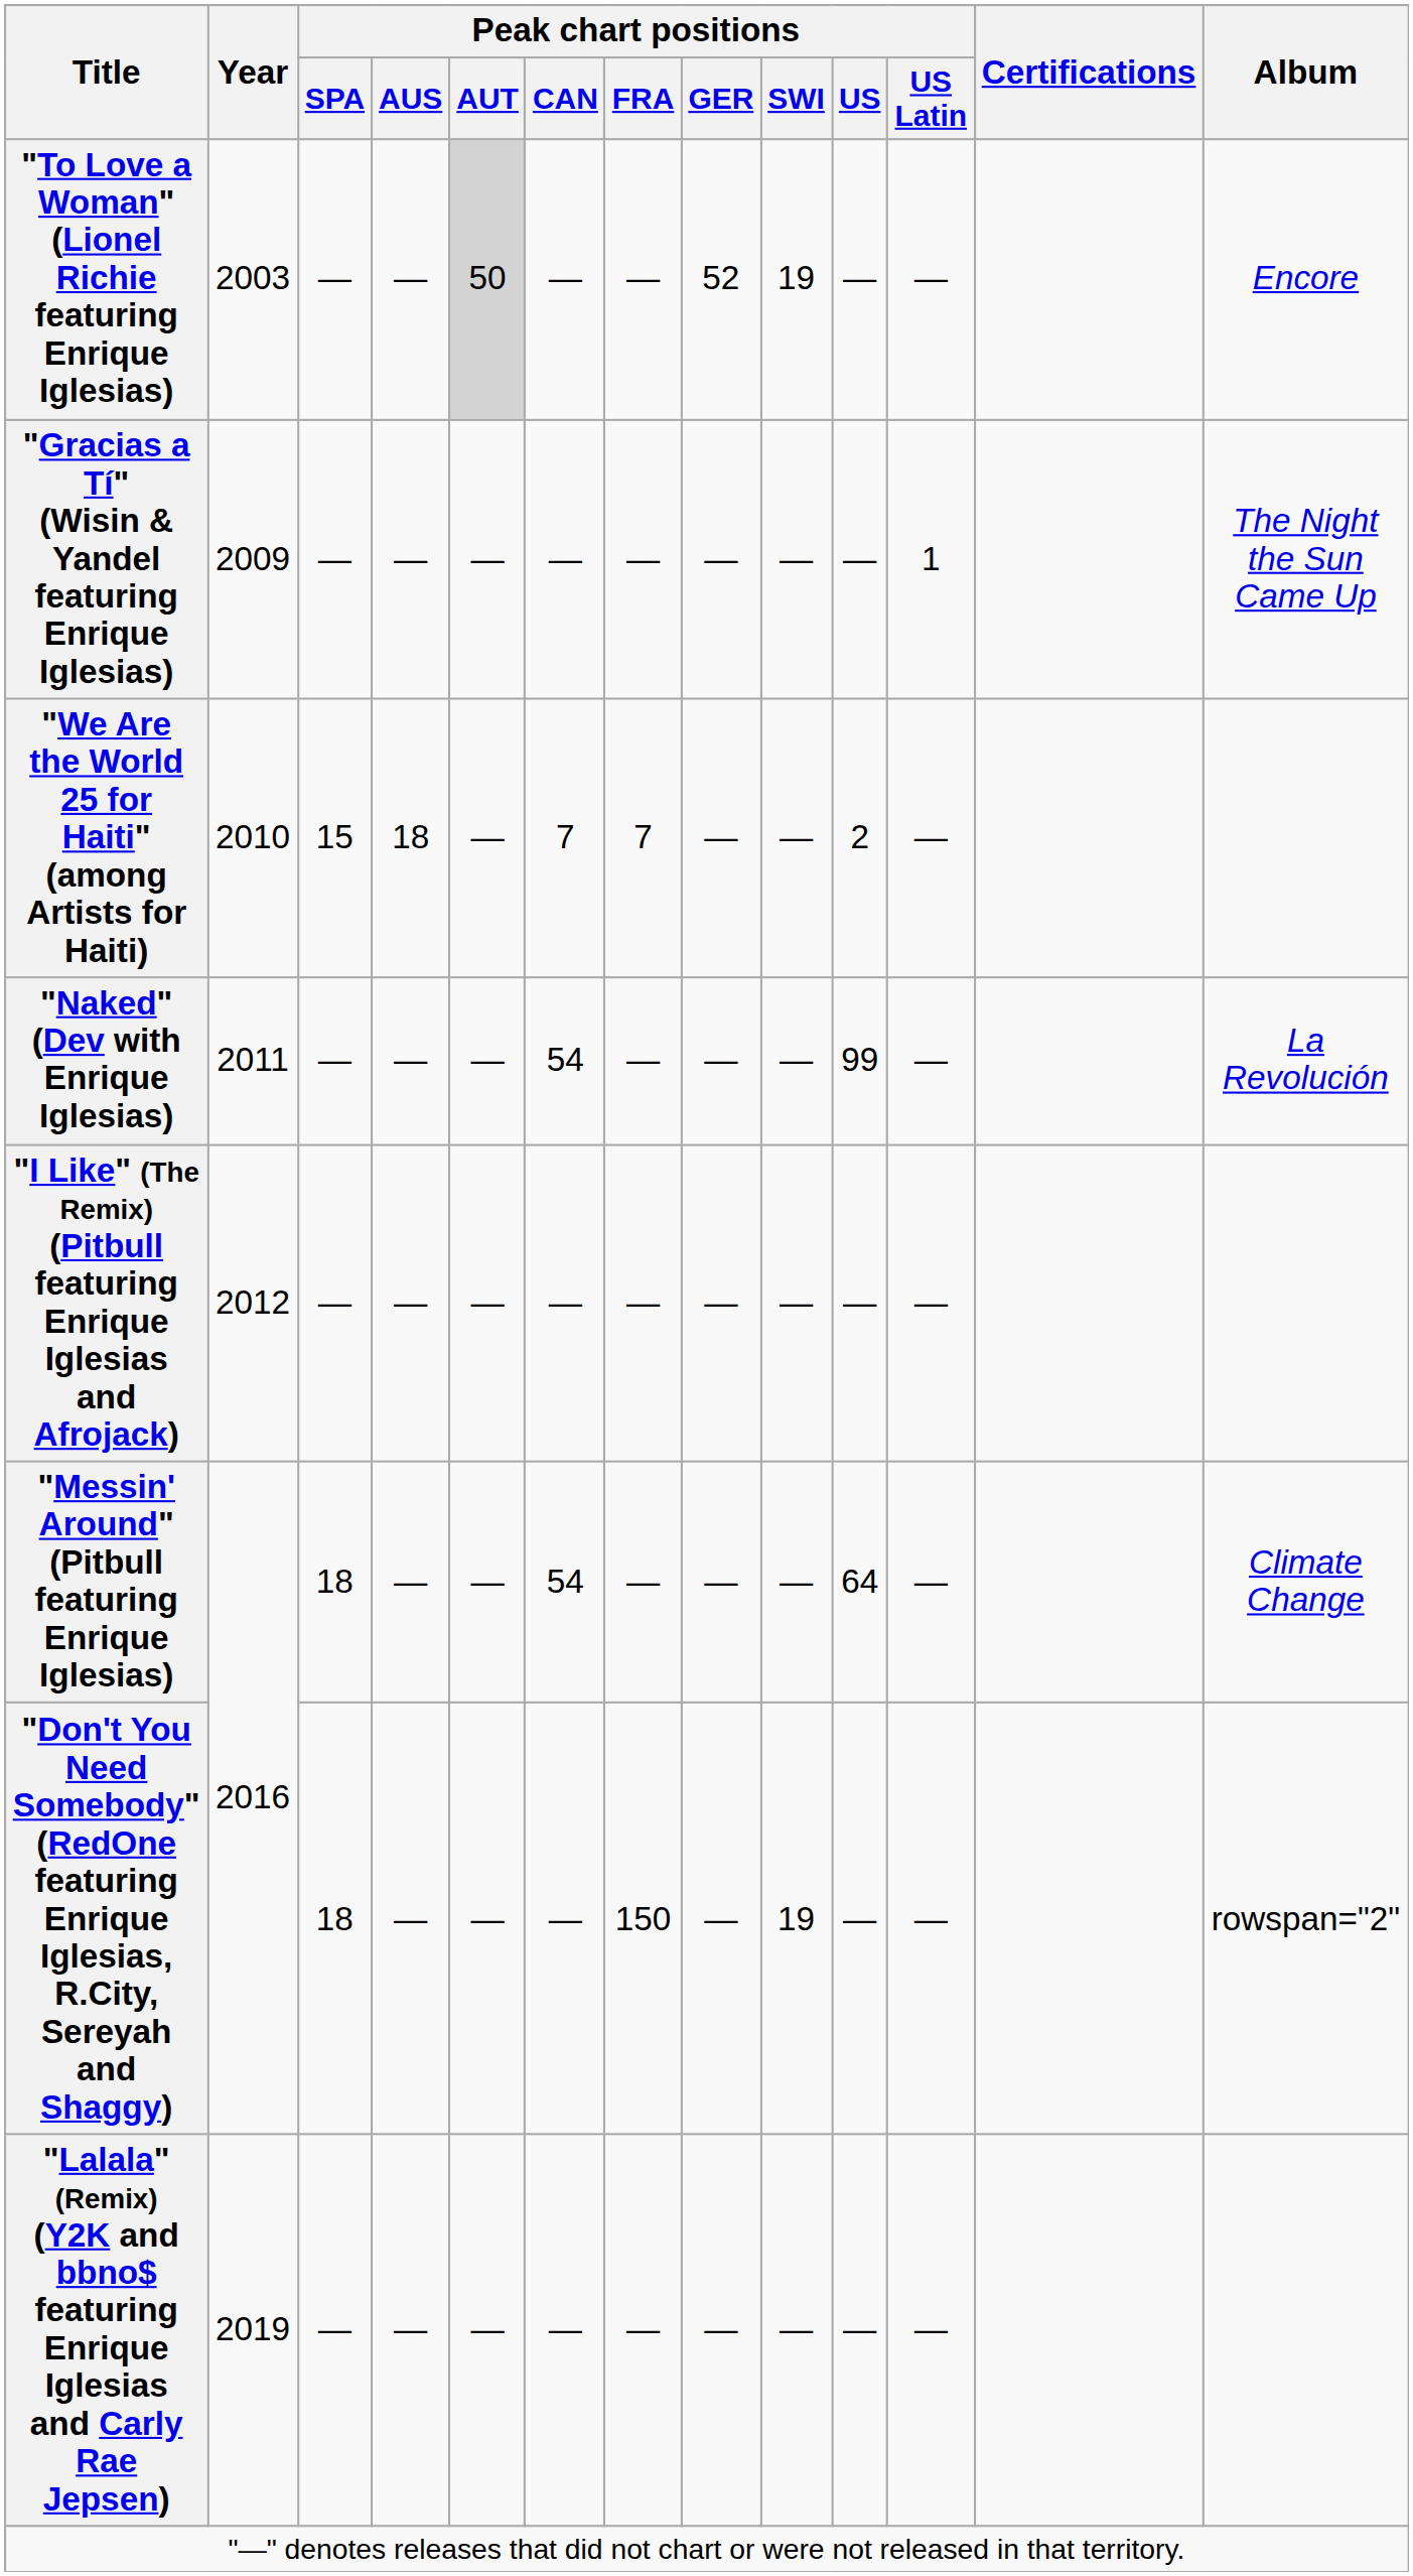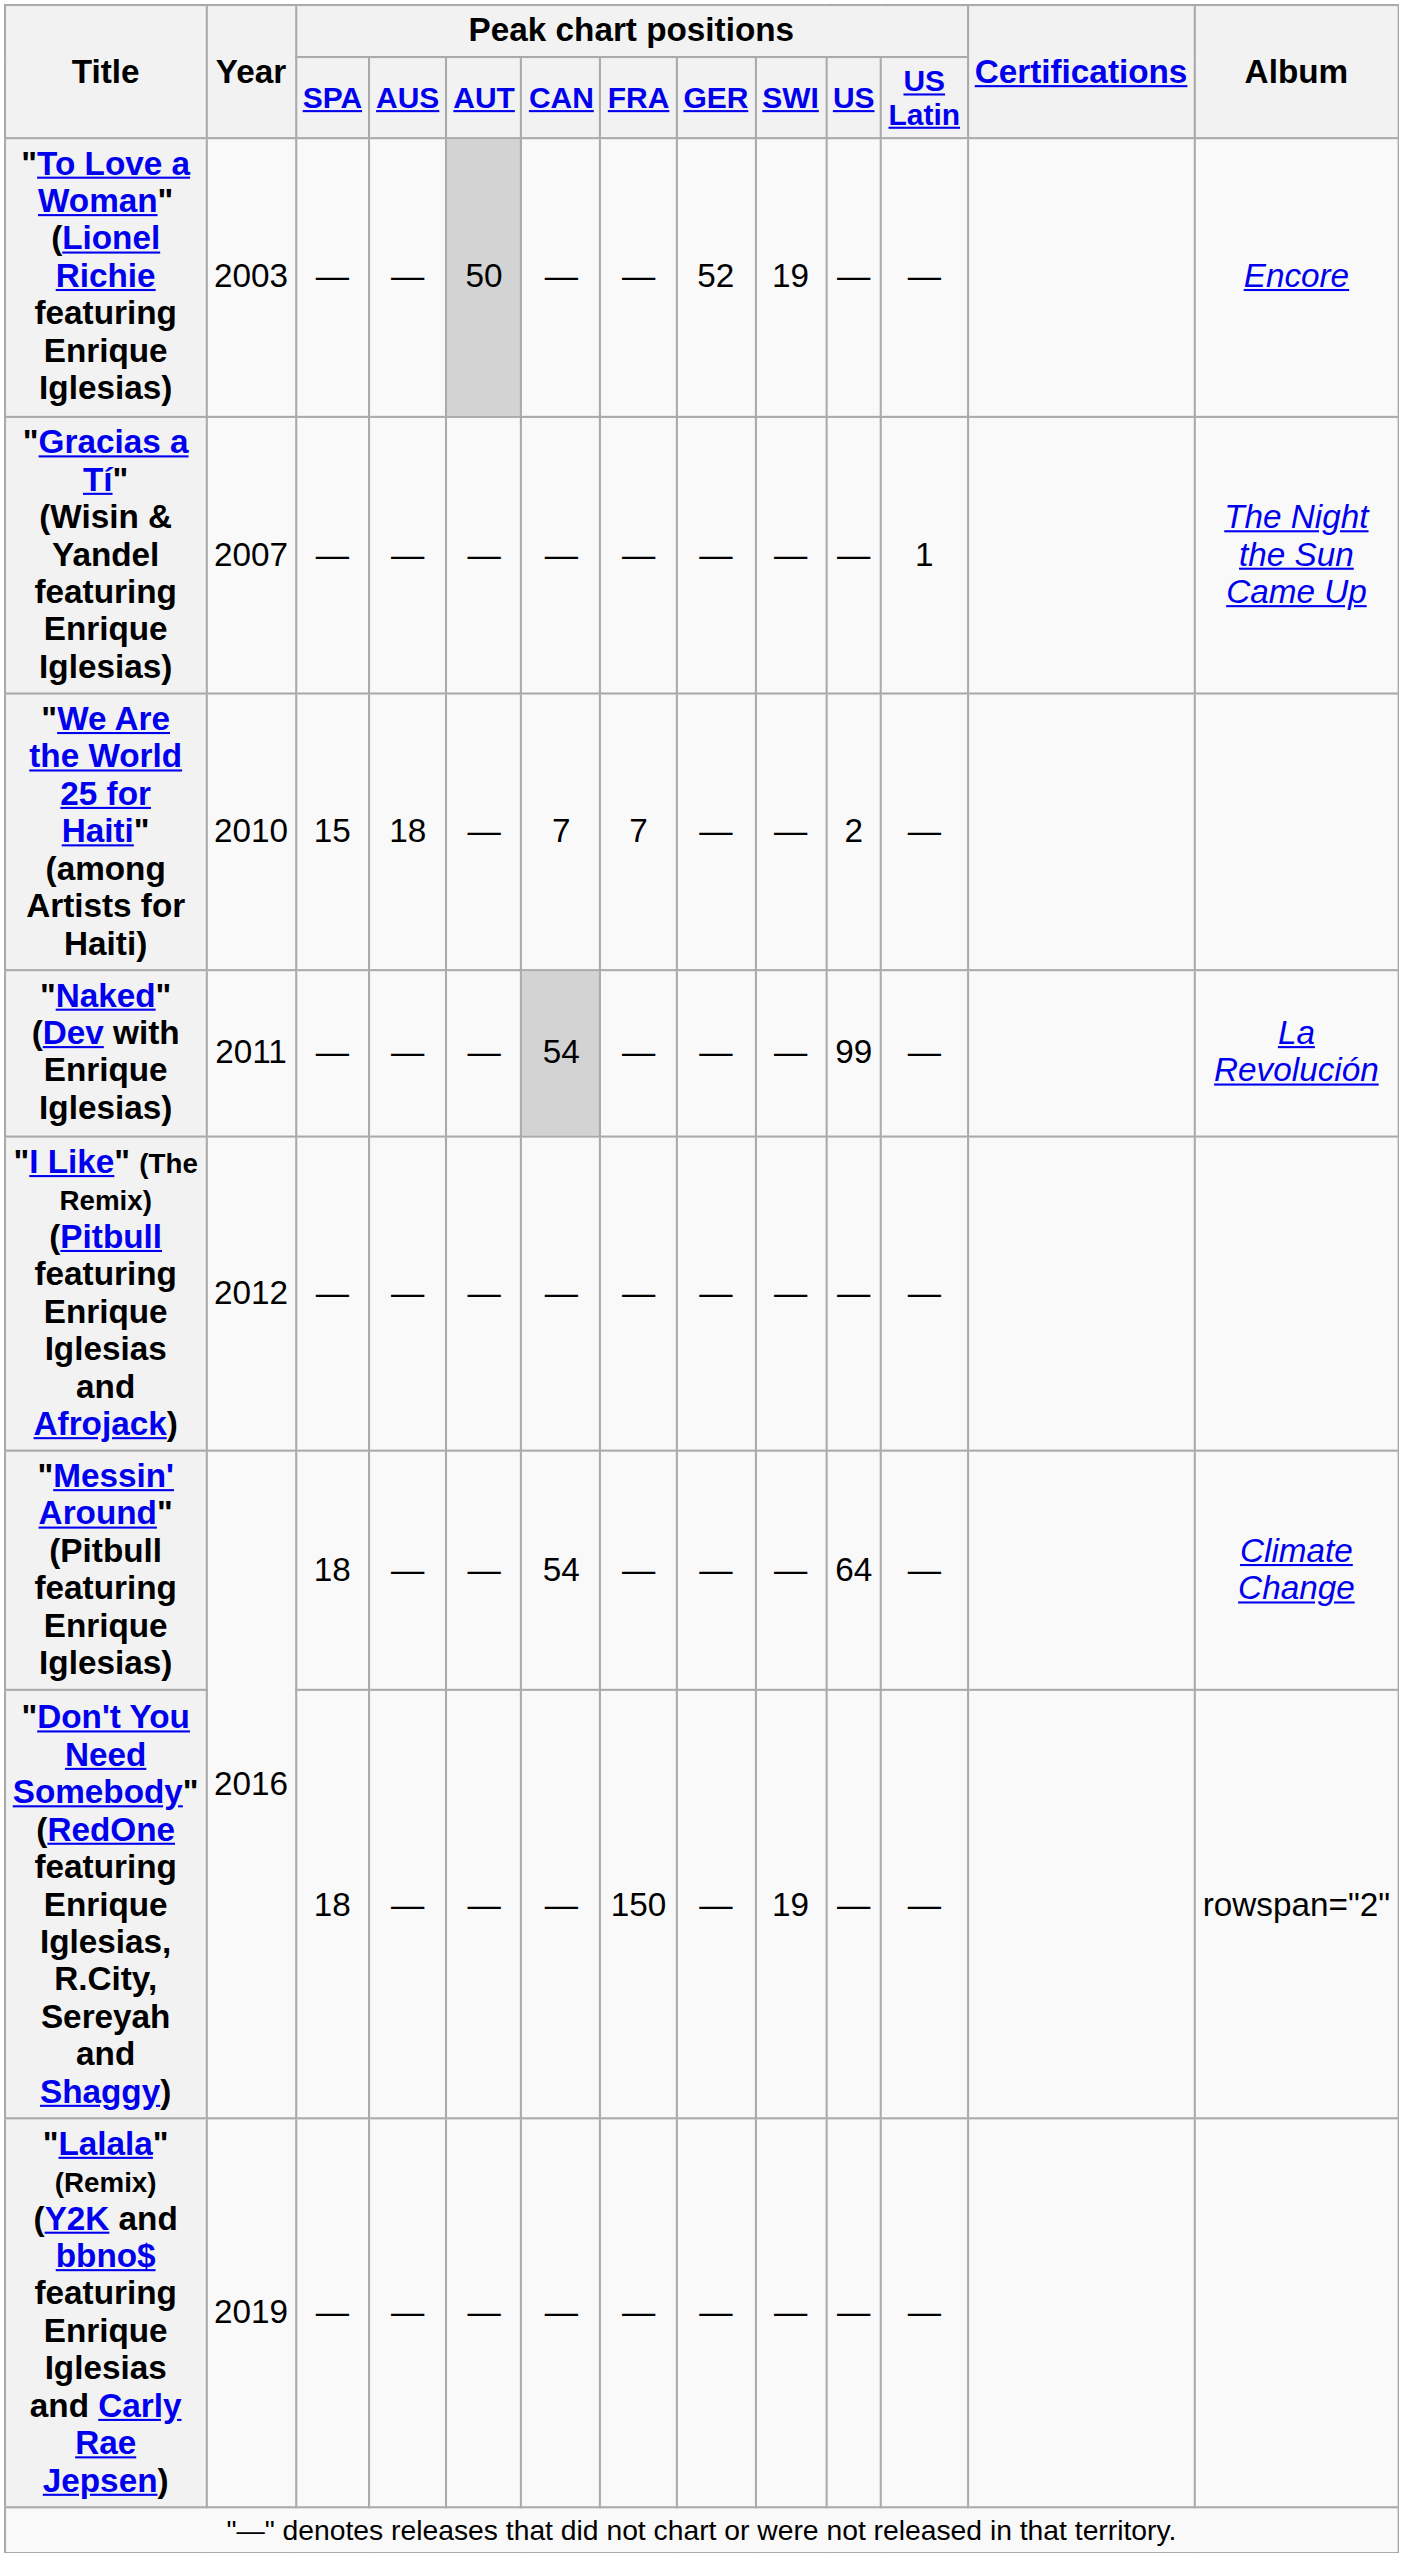 <table class="wikitable plainrowheaders" style="text-align:center;" border="1">
 <tr>
 <th scope="col" rowspan="2" style="width:20em;">Title</th>
 <th scope="col" rowspan="2">Year</th>
 <th scope="col" colspan="9">Peak chart positions</th>
 <th scope="col" rowspan="2" style="width:13em;"><a href='#'>Certifications</a></th>
 <th scope="col" rowspan="2">Album</th>
 </tr>
 <tr>
 <th scope="col" style="width:2.5em;font-size:90%;"><a href='#'>SPA</a><br></th>
 <th scope="col" style="width:2.5em;font-size:90%;"><a href='#'>AUS</a><br></th>
 <th scope="col" style="width:2.5em;font-size:90%;"><a href='#'>AUT</a><br></th>
 <th scope="col" style="width:2.5em;font-size:90%;"><a href='#'>CAN</a><br></th>
 <th scope="col" style="width:2.5em;font-size:90%;"><a href='#'>FRA</a><br></th>
 <th scope="col" style="width:2.5em;font-size:90%;"><a href='#'>GER</a><br></th>
 <th scope="col" style="width:2.5em;font-size:90%;"><a href='#'>SWI</a><br></th>
 <th scope="col" style="width:2.5em;font-size:90%;"><a href='#'>US</a><br></th>
 <th scope="col" style="width:2.5em;font-size:90%;"><a href='#'>US<br>Latin</a><br></th>
 </tr>
 <tr>
 <th scope="row">"<a href='#'>To Love a Woman</a>"<br><span>(<a href='#'>Lionel Richie</a> featuring Enrique Iglesias)</span></th>
 <td>2003</td>
 <td>—</td>
 <td>—</td>
 <td style="background: lightgrey;">50</td>
 <td>—</td>
 <td>—</td>
 <td>52</td>
 <td>19</td>
 <td>—</td>
 <td>—</td>
 <td></td>
 <td><em><a href='#'>Encore</a></em></td>
 </tr>
 <tr>
 <th scope="row">"<a href='#'>Gracias a Tí</a>"<br><span>(Wisin & Yandel featuring Enrique Iglesias)</span></th>
-<td>2009</td>
+<td>2007</td>
 <td>—</td>
 <td>—</td>
 <td>—</td>
 <td>—</td>
 <td>—</td>
 <td>—</td>
 <td>—</td>
 <td>—</td>
 <td>1</td>
 <td></td>
 <td><em><a href='#'>The Night the Sun Came Up</a></em></td>
 </tr>
 <tr>
 <th scope="row">"<a href='#'>We Are the World 25 for Haiti</a>"<br><span>(among Artists for Haiti)</span></th>
 <td>2010</td>
 <td>15</td>
 <td>18</td>
 <td>—</td>
 <td>7</td>
 <td>7</td>
 <td>—</td>
 <td>—</td>
 <td>2</td>
 <td>—</td>
 <td></td>
 <td></td>
 </tr>
 <tr>
 <th scope="row">"<a href='#'>Naked</a>"<br><span>(<a href='#'>Dev</a> with Enrique Iglesias)</span></th>
 <td>2011</td>
 <td>—</td>
 <td>—</td>
 <td>—</td>
-<td>54</td>
+<td style="background: lightgrey;">54</td>
 <td>—</td>
 <td>—</td>
 <td>—</td>
 <td>99</td>
 <td>—</td>
 <td></td>
 <td><em><a href='#'>La Revolución</a></em></td>
 </tr>
 <tr>
 <th scope="row">"<a href='#'>I Like</a>" <small>(The Remix)</small><br><span>(<a href='#'>Pitbull</a> featuring Enrique Iglesias and <a href='#'>Afrojack</a>)</span></th>
 <td>2012</td>
 <td>—</td>
 <td>—</td>
 <td>—</td>
 <td>—</td>
 <td>—</td>
 <td>—</td>
 <td>—</td>
 <td>—</td>
 <td>—</td>
 <td></td>
 <td></td>
 </tr>
 <tr>
 <th scope="row">"<a href='#'>Messin' Around</a>"<br><span>(Pitbull featuring Enrique Iglesias)</span></th>
 <td rowspan="2">2016</td>
 <td>18</td>
 <td>—</td>
 <td>—</td>
 <td>54</td>
 <td>—</td>
 <td>—</td>
 <td>—</td>
 <td>64</td>
 <td>—</td>
 <td></td>
 <td><em><a href='#'>Climate Change</a></em></td>
 </tr>
 <tr>
 <th scope="row">"<a href='#'>Don't You Need Somebody</a>"<br><span>(<a href='#'>RedOne</a> featuring Enrique Iglesias, R.City, Sereyah and <a href='#'>Shaggy</a>)</span></th>
 <td>18</td>
 <td>—</td>
 <td>—</td>
 <td>—</td>
 <td>150</td>
 <td>—</td>
 <td>19</td>
 <td>—</td>
 <td>—</td>
 <td></td>
 <td>rowspan="2" </td>
 </tr>
 <tr>
 <th scope="row">"<a href='#'>Lalala</a>" <small>(Remix)</small><br><span>(<a href='#'>Y2K</a> and <a href='#'>bbno$</a> featuring Enrique Iglesias and <a href='#'>Carly Rae Jepsen</a>)</span></th>
 <td>2019</td>
 <td>—</td>
 <td>—</td>
 <td>—</td>
 <td>—</td>
 <td>—</td>
 <td>—</td>
 <td>—</td>
 <td>—</td>
 <td>—</td>
 <td></td>
 </tr>
 <tr>
 <td align="center" colspan="15" style="font-size:85%">"—" denotes releases that did not chart or were not released in that territory.</td>
 </tr>
 </table>
